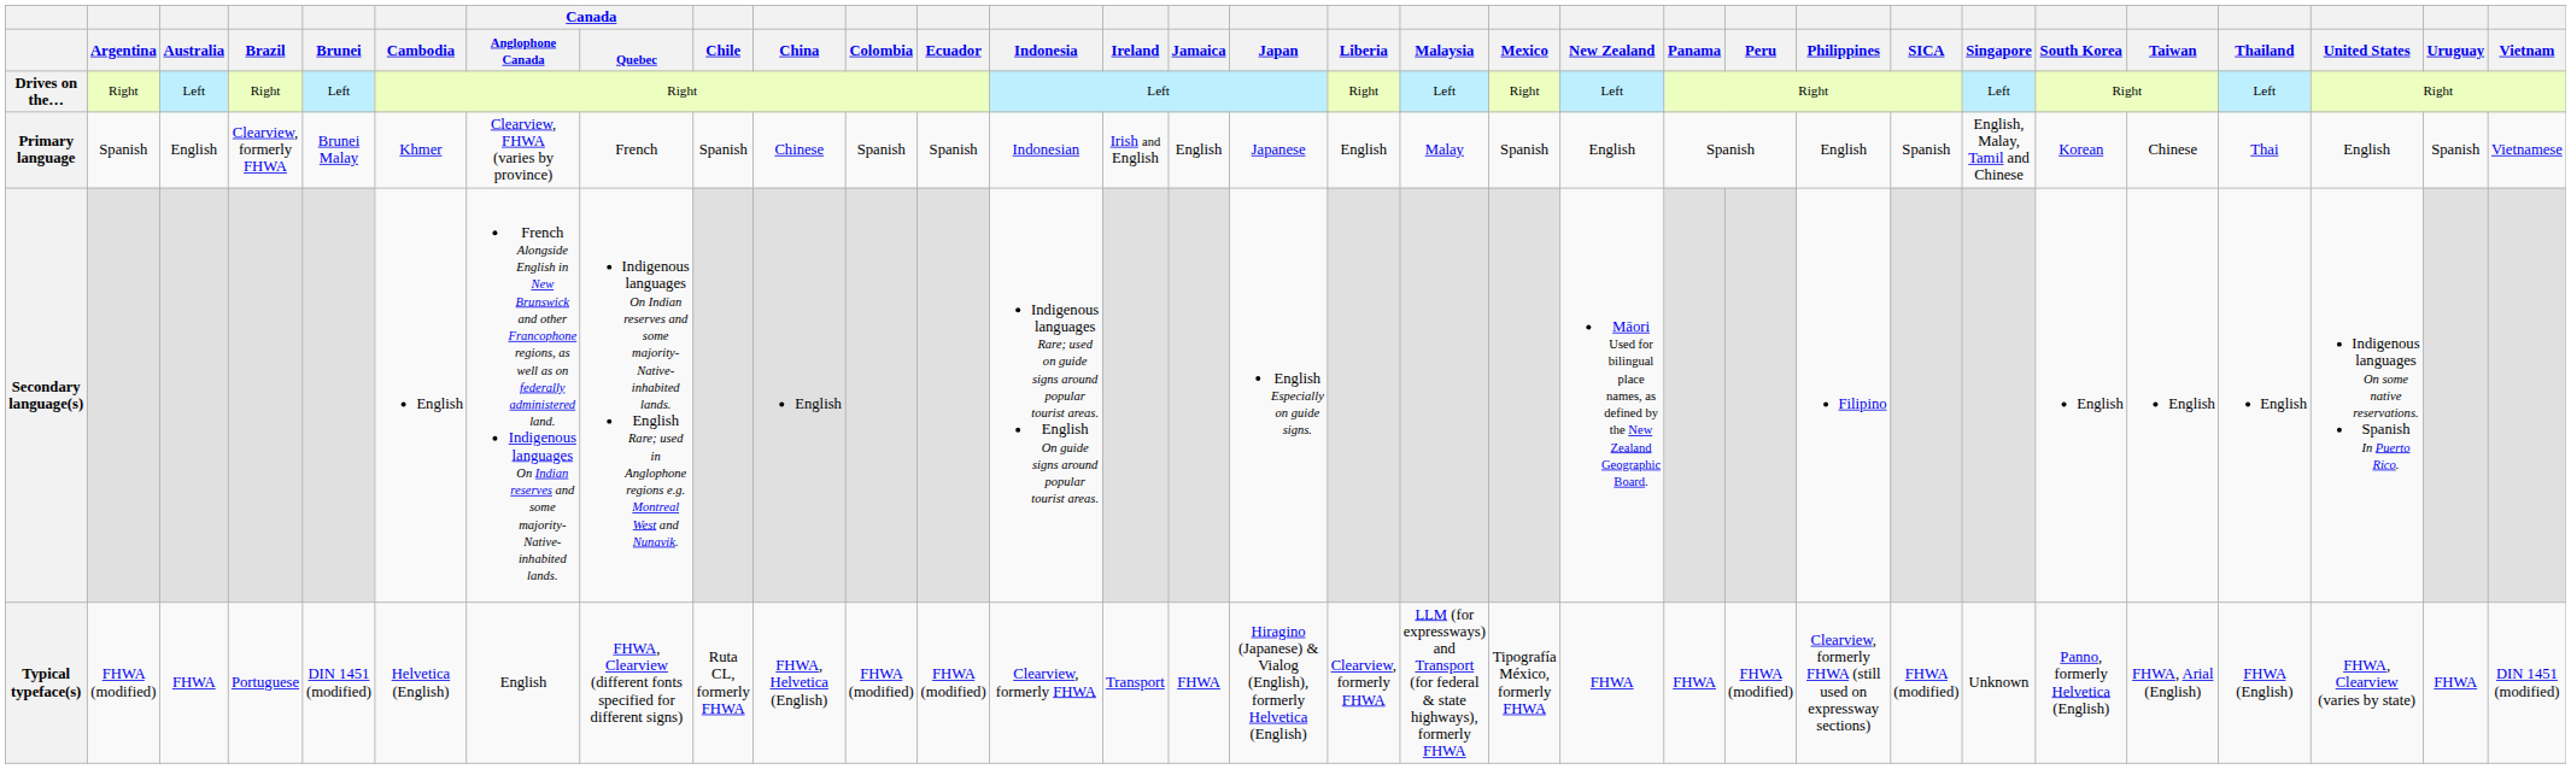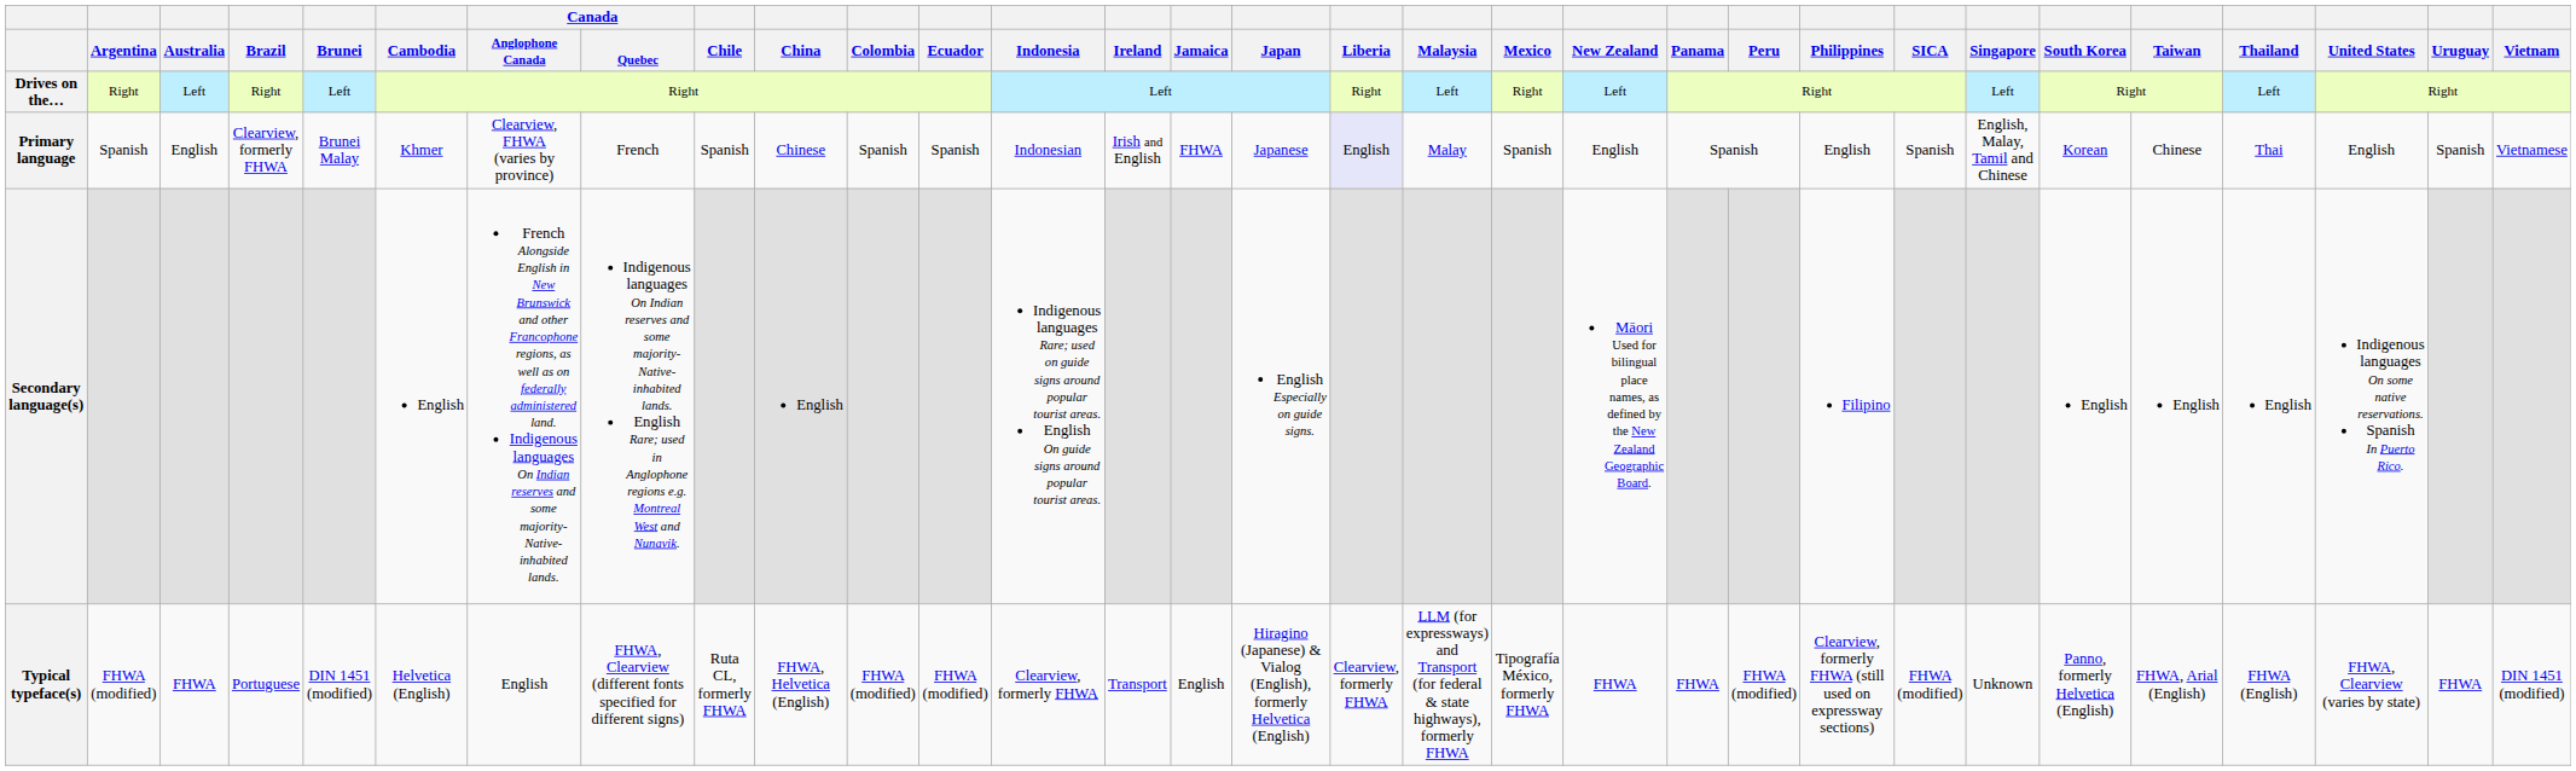 <table class="wikitable" style="text-align: center;">
 <tr>
 <th width="5" scope="col"> </th>
 <th></th>
 <th></th>
 <th></th>
 <th></th>
 <th></th>
 <th colspan="2">       <strong><a href='#'>Canada</a></strong></th>
 <th></th>
 <th></th>
 <th></th>
 <th></th>
 <th></th>
 <th></th>
 <th></th>
 <th></th>
 <th></th>
 <th></th>
 <th></th>
 <th></th>
 <th></th>
 <th></th>
 <th></th>
 <th></th>
 <th></th>
 <th></th>
 <th></th>
 <th></th>
 <th></th>
 <th></th>
 <th></th>
 </tr>
 <tr>
 <th></th>
 <th><a href='#'>Argentina</a></th>
 <th><a href='#'>Australia</a></th>
 <th><a href='#'>Brazil</a></th>
 <th><a href='#'>Brunei</a></th>
 <th><a href='#'>Cambodia</a></th>
 <th><small><a href='#'>Anglophone Canada</a></small></th>
 <th><br><small><a href='#'>Quebec</a></small></th>
 <th><a href='#'>Chile</a></th>
 <th><a href='#'>China</a></th>
 <th><a href='#'>Colombia</a></th>
 <th><a href='#'>Ecuador</a></th>
 <th><a href='#'>Indonesia</a></th>
 <th><a href='#'>Ireland</a></th>
 <th><a href='#'>Jamaica</a></th>
 <th><a href='#'>Japan</a></th>
 <th><a href='#'>Liberia</a></th>
 <th><a href='#'>Malaysia</a></th>
 <th><a href='#'>Mexico</a></th>
 <th><a href='#'>New Zealand</a></th>
 <th><a href='#'>Panama</a></th>
 <th><a href='#'>Peru</a></th>
 <th><a href='#'>Philippines</a></th>
 <th><a href='#'>SICA</a></th>
 <th><a href='#'>Singapore</a></th>
 <th><a href='#'>South Korea</a></th>
 <th><a href='#'>Taiwan</a></th>
 <th><a href='#'>Thailand</a></th>
 <th><a href='#'>United States</a></th>
 <th><a href='#'>Uruguay</a></th>
 <th><a href='#'>Vietnam</a></th>
 </tr>
 <tr>
 <th>Drives on the…</th>
 <td style="background: #ECFFC0; font-size: 88%;">Right</td>
 <td style="background: #BEEFFF; font-size: 88%;">Left</td>
 <td style="background: #ECFFC0; font-size: 88%;">Right</td>
 <td style="background: #BEEFFF; font-size: 88%;">Left</td>
 <td colspan="7" style="background: #ECFFC0; font-size: 88%;">Right</td>
 <td colspan="4" style="background: #BEEFFF; font-size: 88%;">Left</td>
 <td style="background: #ECFFC0; font-size: 88%;">Right</td>
 <td style="background: #BEEFFF; font-size: 88%;">Left</td>
 <td style="background: #ECFFC0; font-size: 88%;">Right</td>
 <td style="background: #BEEFFF; font-size: 88%;">Left</td>
 <td colspan="4" style="background: #ECFFC0; font-size: 88%;">Right</td>
 <td style="background: #BEEFFF; font-size: 88%;">Left</td>
 <td colspan="2" style="background: #ECFFC0; font-size: 88%;">Right</td>
 <td style="background: #BEEFFF; font-size: 88%;">Left</td>
 <td colspan="3" style="background: #ECFFC0; font-size: 88%;">Right</td>
 </tr>
 <tr>
 <th>Primary language</th>
 <td>Spanish</td>
 <td>English</td>
 <td><a href='#'>Clearview</a>, formerly <a href='#'>FHWA</a></td>
 <td><a href='#'>Brunei Malay</a></td>
 <td><a href='#'>Khmer</a></td>
 <td><a href='#'>Clearview</a>, <a href='#'>FHWA</a> <br> (varies by province)</td>
 <td>French</td>
 <td>Spanish</td>
 <td><a href='#'>Chinese</a></td>
 <td>Spanish</td>
 <td>Spanish</td>
 <td><a href='#'>Indonesian</a></td>
 <td><a href='#'>Irish</a> <small>and</small><br>English</td>
-<td>English</td>
+<td><a href='#'>FHWA</a></td>
 <td><a href='#'>Japanese</a></td>
-<td>English</td>
+<td style="background: lavender;">English</td>
 <td><a href='#'>Malay</a></td>
 <td>Spanish</td>
 <td>English</td>
 <td colspan="2">Spanish</td>
 <td>English</td>
 <td>Spanish</td>
 <td>English, Malay, <a href='#'>Tamil</a> and Chinese</td>
 <td><a href='#'>Korean</a></td>
 <td>Chinese</td>
 <td><a href='#'>Thai</a></td>
 <td>English</td>
 <td>Spanish</td>
 <td><a href='#'>Vietnamese</a></td>
 </tr>
 <tr>
 <th>Secondary language(s)</th>
 <td rowspan="1" style="background: #E0E0E0;"></td>
 <td rowspan="1" style="background: #E0E0E0;"></td>
 <td rowspan="1" style="background: #E0E0E0;"></td>
 <td rowspan="1" style="background: #E0E0E0;"></td>
 <td><br><ul><li>English</li></ul></td>
 <td><br><ul><li>French<br><small><em>Alongside English in <a href='#'>New Brunswick</a> and other <a href='#'>Francophone</a> regions, as well as on <a href='#'>federally administered</a> land.</em></small></li><li><a href='#'>Indigenous languages</a><br><small><em>On <a href='#'>Indian reserves</a> and some majority-Native-inhabited lands.</em></small></li></ul></td>
 <td rowspan="1"><br><ul><li>Indigenous languages<br><small><em>On Indian reserves and some majority-Native-inhabited lands.</em></small></li><li>English<br><small><em>Rare; used in Anglophone regions e.g. <a href='#'>Montreal West</a> and <a href='#'>Nunavik</a>.</em></small></li></ul></td>
 <td rowspan="1" style="background: #E0E0E0;"></td>
 <td rowspan="1" style="background: #E0E0E0;"><br><ul><li>English</li></ul></td>
 <td rowspan="1" style="background: #E0E0E0;"></td>
 <td rowspan="1" style="background: #E0E0E0;"></td>
 <td><br><ul><li>Indigenous languages<br><small><em>Rare; used on guide signs around popular tourist areas.</em></small></li><li>English<br><small><em>On guide signs around popular tourist areas.</em></small></li></ul></td>
 <td rowspan="1" style="background: #E0E0E0;"></td>
 <td rowspan="1" style="background: #E0E0E0;"></td>
 <td><br><ul><li>English<br><small><em>Especially on guide signs.</em></small></li></ul></td>
 <td rowspan="1" style="background: #E0E0E0;"></td>
 <td rowspan="1" style="background: #E0E0E0;"></td>
 <td rowspan="1" style="background: #E0E0E0;"></td>
 <td><br><ul><li><a href='#'>Māori</a><br><small>Used for bilingual place names, as defined by the <a href='#'>New Zealand Geographic Board</a>.</small></li></ul></td>
 <td rowspan="1" style="background: #E0E0E0;"></td>
 <td rowspan="1" style="background: #E0E0E0;"></td>
 <td><br><ul><li><a href='#'>Filipino</a></li></ul></td>
 <td rowspan="1" style="background: #E0E0E0;"></td>
 <td rowspan="1" style="background: #E0E0E0;"></td>
 <td><br><ul><li>English</li></ul></td>
 <td><br><ul><li>English</li></ul></td>
 <td><br><ul><li>English</li></ul></td>
 <td><br><ul><li>Indigenous languages <small><em>On some native reservations.</em></small></li><li>Spanish<br><small><em>In <a href='#'>Puerto Rico</a>.</em></small></li></ul></td>
 <td rowspan="1" style="background: #E0E0E0;"></td>
 <td rowspan="1" style="background: #E0E0E0;"></td>
 </tr>
 <tr>
 <th>Typical typeface(s)</th>
 <td><a href='#'>FHWA</a> (modified)</td>
 <td><a href='#'>FHWA</a></td>
 <td><a href='#'>Portuguese</a></td>
 <td><a href='#'>DIN 1451</a> (modified)</td>
 <td><a href='#'>Helvetica</a> (English)</td>
 <td>English</td>
 <td><a href='#'>FHWA</a>, <a href='#'>Clearview</a> (different fonts specified for different signs)</td>
 <td>Ruta CL, formerly <a href='#'>FHWA</a></td>
 <td><a href='#'>FHWA</a>, <br> <a href='#'>Helvetica</a> (English)</td>
 <td><a href='#'>FHWA</a> (modified)</td>
 <td><a href='#'>FHWA</a> (modified)</td>
 <td><a href='#'>Clearview</a>, formerly <a href='#'>FHWA</a></td>
 <td><a href='#'>Transport</a></td>
-<td><a href='#'>FHWA</a></td>
+<td>English</td>
 <td><a href='#'>Hiragino</a> (Japanese) & Vialog (English), <br> formerly <a href='#'>Helvetica</a> (English)</td>
 <td><a href='#'>Clearview</a>, formerly <a href='#'>FHWA</a></td>
 <td><a href='#'>LLM</a> (for expressways) and <a href='#'>Transport</a> (for federal & state highways), formerly <a href='#'>FHWA</a></td>
 <td>Tipografía México, formerly <a href='#'>FHWA</a></td>
 <td><a href='#'>FHWA</a></td>
 <td><a href='#'>FHWA</a></td>
 <td><a href='#'>FHWA</a> (modified)</td>
 <td><a href='#'>Clearview</a>, formerly <a href='#'>FHWA</a> (still used on expressway sections)</td>
 <td><a href='#'>FHWA</a> (modified)</td>
 <td>Unknown</td>
 <td><a href='#'>Panno</a>, formerly <a href='#'>Helvetica</a> (English)</td>
 <td><a href='#'>FHWA</a>, <a href='#'>Arial</a> (English)</td>
 <td><a href='#'>FHWA</a> (English)</td>
 <td><a href='#'>FHWA</a>, <a href='#'>Clearview</a> (varies by state)</td>
 <td><a href='#'>FHWA</a></td>
 <td><a href='#'>DIN 1451</a> (modified)</td>
 </tr>
 </table>
